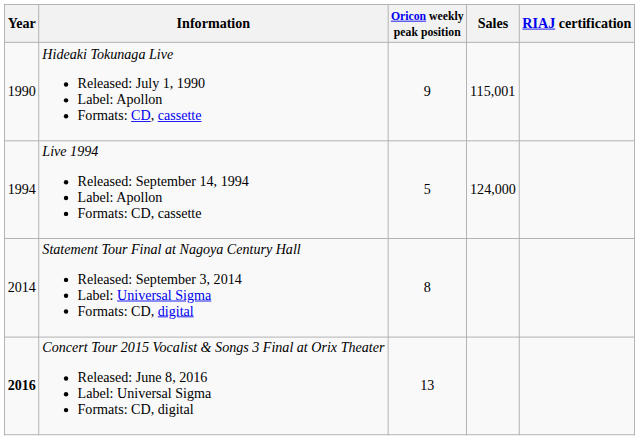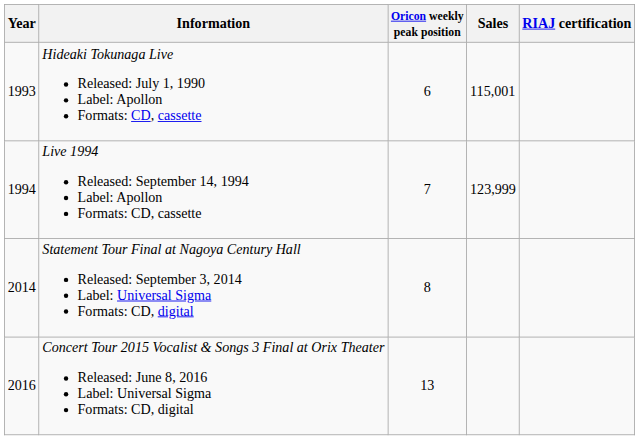 <table class="wikitable">
 <tr>
 <th>Year</th>
 <th>Information</th>
 <th><small><a href='#'>Oricon</a> weekly<br>peak position</small></th>
 <th>Sales<br></th>
 <th><a href='#'>RIAJ</a> certification</th>
 </tr>
 <tr>
-<td>1990</td>
+<td>1993</td>
 <td><em>Hideaki Tokunaga Live</em><br><ul><li>Released: July 1, 1990</li><li>Label: Apollon</li><li>Formats: <a href='#'>CD</a>, <a href='#'>cassette</a></li></ul></td>
-<td style="text-align:center;">9</td>
+<td style="text-align:center;">6</td>
 <td align="left">115,001</td>
 <td align="left"></td>
 </tr>
 <tr>
 <td>1994</td>
 <td><em>Live 1994</em><br><ul><li>Released: September 14, 1994</li><li>Label: Apollon</li><li>Formats: CD, cassette</li></ul></td>
-<td style="text-align:center;">5</td>
-<td align="left">124,000</td>
+<td style="text-align:center;">7</td>
+<td align="left">123,999</td>
 <td align="left"></td>
 </tr>
 <tr>
 <td>2014</td>
 <td><em>Statement Tour Final at Nagoya Century Hall</em><br><ul><li>Released: September 3, 2014</li><li>Label: <a href='#'>Universal Sigma</a></li><li>Formats: CD, <a href='#'>digital</a></li></ul></td>
 <td style="text-align:center;">8</td>
 <td align="left"></td>
 <td align="left"></td>
 </tr>
 <tr>
-<td><strong>2016</strong></td>
+<td>2016</td>
 <td><em>Concert Tour 2015 Vocalist & Songs 3 Final at Orix Theater</em><br><ul><li>Released: June 8, 2016</li><li>Label: Universal Sigma</li><li>Formats: CD, digital</li></ul></td>
 <td style="text-align:center;">13</td>
 <td align="left"></td>
 <td align="left"></td>
 </tr>
 </table>
